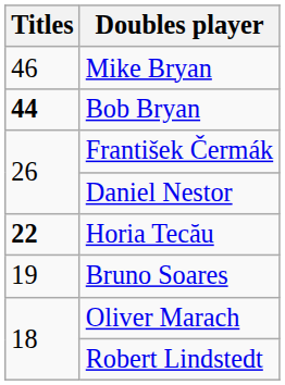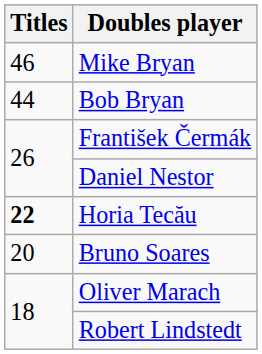 <table class="wikitable nowrap" style="display:inline-table;">
 <tr>
 <th>Titles</th>
 <th>Doubles player</th>
 </tr>
 <tr>
 <td>46</td>
 <td> <a href='#'>Mike Bryan</a></td>
 </tr>
 <tr>
-<td><strong>44</strong></td>
+<td>44</td>
 <td> <a href='#'>Bob Bryan</a></td>
 </tr>
 <tr>
 <td rowspan="2">26</td>
 <td> <a href='#'>František Čermák</a></td>
 </tr>
 <tr>
 <td> <a href='#'>Daniel Nestor</a></td>
 </tr>
 <tr>
 <td><strong>22</strong></td>
 <td> <a href='#'>Horia Tecău</a></td>
 </tr>
 <tr>
-<td>19</td>
+<td>20</td>
 <td> <a href='#'>Bruno Soares</a></td>
 </tr>
 <tr>
 <td rowspan="2">18</td>
 <td> <a href='#'>Oliver Marach</a></td>
 </tr>
 <tr>
 <td> <a href='#'>Robert Lindstedt</a></td>
 </tr>
 </table>
